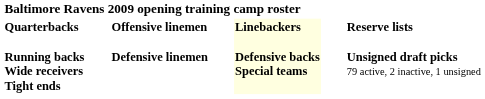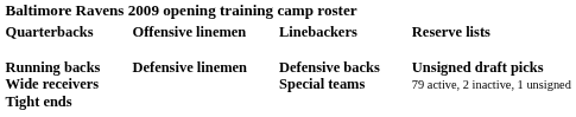 <table class="toccolours" style="text-align:left">
 <tr>
 <th colspan="9"><strong>Baltimore Ravens 2009 opening training camp roster</strong></th>
 </tr>
 <tr>
 <td style="font-size:95%;vertical-align:top"><strong>Quarterbacks</strong><br>  <br><strong>Running backs</strong>      <br><strong>Wide receivers</strong>           <br><strong>Tight ends</strong>     </td>
 <td style="width:25px"></td>
 <td style="font-size:95%;vertical-align:top"><strong>Offensive linemen</strong><br>          <br><strong>Defensive linemen</strong>         </td>
 <td style="width:25px"></td>
-<td style="background: lightyellow; font-size:95%;vertical-align:top"><strong>Linebackers</strong><br>            <br><strong>Defensive backs</strong>             <br><strong>Special teams</strong>    </td>
+<td style="font-size:95%;vertical-align:top"><strong>Linebackers</strong><br>            <br><strong>Defensive backs</strong>             <br><strong>Special teams</strong>    </td>
 <td style="width:25px"></td>
 <td style="font-size:95%;vertical-align:top"><strong>Reserve lists</strong><br>     <br><strong>Unsigned draft picks</strong> <br><small>79 active, 2 inactive, 1 unsigned</small></td>
 </tr>
 </table>
